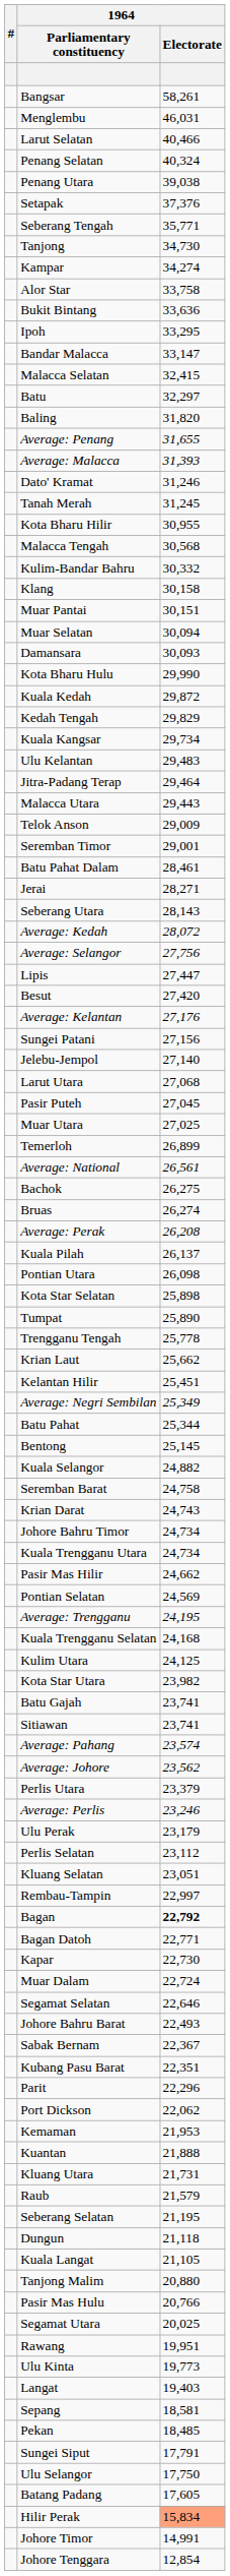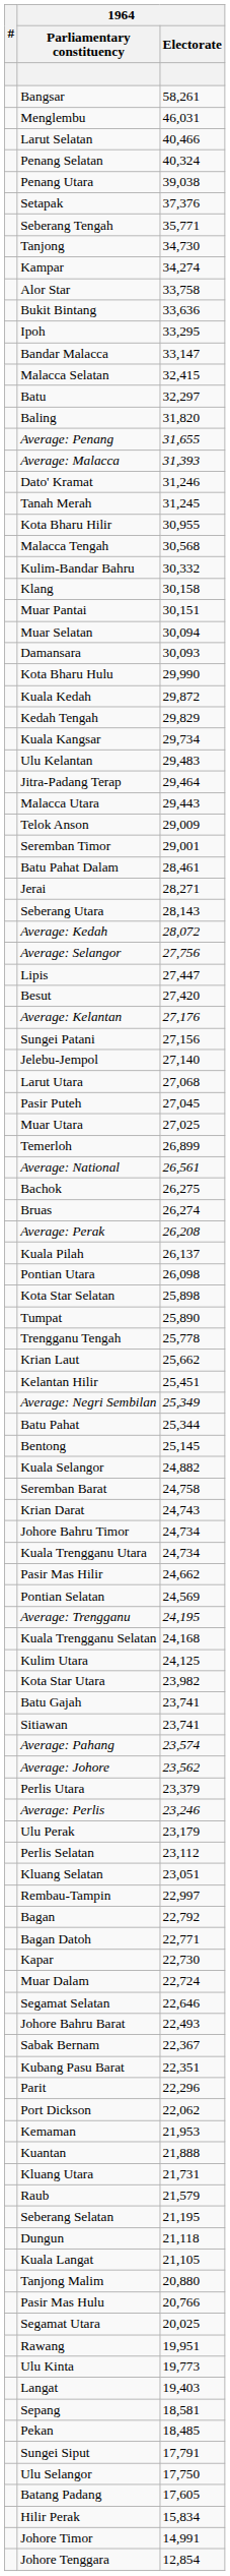 <table class="wikitable sortable">
 <tr>
 <th rowspan=2>#</th>
 <th colspan=2>1964</th>
 </tr>
 <tr>
 <th>Parliamentary<br>constituency</th>
 <th>Electorate</th>
 </tr>
 <tr>
 <th height=20px></th>
 <th></th>
 <th></th>
 </tr>
 <tr>
 <td></td>
 <td>Bangsar</td>
 <td>58,261</td>
 </tr>
 <tr>
 <td></td>
 <td>Menglembu</td>
 <td>46,031</td>
 </tr>
 <tr>
 <td></td>
 <td>Larut Selatan</td>
 <td>40,466</td>
 </tr>
 <tr>
 <td></td>
 <td>Penang Selatan</td>
 <td>40,324</td>
 </tr>
 <tr>
 <td></td>
 <td>Penang Utara</td>
 <td>39,038</td>
 </tr>
 <tr>
 <td></td>
 <td>Setapak</td>
 <td>37,376</td>
 </tr>
 <tr>
 <td></td>
 <td>Seberang Tengah</td>
 <td>35,771</td>
 </tr>
 <tr>
 <td></td>
 <td>Tanjong</td>
 <td>34,730</td>
 </tr>
 <tr>
 <td></td>
 <td>Kampar</td>
 <td>34,274</td>
 </tr>
 <tr>
 <td></td>
 <td>Alor Star</td>
 <td>33,758</td>
 </tr>
 <tr>
 <td></td>
 <td>Bukit Bintang</td>
 <td>33,636</td>
 </tr>
 <tr>
 <td></td>
 <td>Ipoh</td>
 <td>33,295</td>
 </tr>
 <tr>
 <td></td>
 <td>Bandar Malacca</td>
 <td>33,147</td>
 </tr>
 <tr>
 <td></td>
 <td>Malacca Selatan</td>
 <td>32,415</td>
 </tr>
 <tr>
 <td></td>
 <td>Batu</td>
 <td>32,297</td>
 </tr>
 <tr>
 <td></td>
 <td>Baling</td>
 <td>31,820</td>
 </tr>
 <tr>
 <td></td>
 <td><em>Average: Penang</em></td>
 <td><em>31,655</em></td>
 </tr>
 <tr>
 <td></td>
 <td><em>Average: Malacca</em></td>
 <td><em>31,393</em></td>
 </tr>
 <tr>
 <td></td>
 <td>Dato' Kramat</td>
 <td>31,246</td>
 </tr>
 <tr>
 <td></td>
 <td>Tanah Merah</td>
 <td>31,245</td>
 </tr>
 <tr>
 <td></td>
 <td>Kota Bharu Hilir</td>
 <td>30,955</td>
 </tr>
 <tr>
 <td></td>
 <td>Malacca Tengah</td>
 <td>30,568</td>
 </tr>
 <tr>
 <td></td>
 <td>Kulim-Bandar Bahru</td>
 <td>30,332</td>
 </tr>
 <tr>
 <td></td>
 <td>Klang</td>
 <td>30,158</td>
 </tr>
 <tr>
 <td></td>
 <td>Muar Pantai</td>
 <td>30,151</td>
 </tr>
 <tr>
 <td></td>
 <td>Muar Selatan</td>
 <td>30,094</td>
 </tr>
 <tr>
 <td></td>
 <td>Damansara</td>
 <td>30,093</td>
 </tr>
 <tr>
 <td></td>
 <td>Kota Bharu Hulu</td>
 <td>29,990</td>
 </tr>
 <tr>
 <td></td>
 <td>Kuala Kedah</td>
 <td>29,872</td>
 </tr>
 <tr>
 <td></td>
 <td>Kedah Tengah</td>
 <td>29,829</td>
 </tr>
 <tr>
 <td></td>
 <td>Kuala Kangsar</td>
 <td>29,734</td>
 </tr>
 <tr>
 <td></td>
 <td>Ulu Kelantan</td>
 <td>29,483</td>
 </tr>
 <tr>
 <td></td>
 <td>Jitra-Padang Terap</td>
 <td>29,464</td>
 </tr>
 <tr>
 <td></td>
 <td>Malacca Utara</td>
 <td>29,443</td>
 </tr>
 <tr>
 <td></td>
 <td>Telok Anson</td>
 <td>29,009</td>
 </tr>
 <tr>
 <td></td>
 <td>Seremban Timor</td>
 <td>29,001</td>
 </tr>
 <tr>
 <td></td>
 <td>Batu Pahat Dalam</td>
 <td>28,461</td>
 </tr>
 <tr>
 <td></td>
 <td>Jerai</td>
 <td>28,271</td>
 </tr>
 <tr>
 <td></td>
 <td>Seberang Utara</td>
 <td>28,143</td>
 </tr>
 <tr>
 <td></td>
 <td><em>Average: Kedah</em></td>
 <td><em>28,072</em></td>
 </tr>
 <tr>
 <td></td>
 <td><em>Average: Selangor</em></td>
 <td><em>27,756</em></td>
 </tr>
 <tr>
 <td></td>
 <td>Lipis</td>
 <td>27,447</td>
 </tr>
 <tr>
 <td></td>
 <td>Besut</td>
 <td>27,420</td>
 </tr>
 <tr>
 <td></td>
 <td><em>Average: Kelantan</em></td>
 <td><em>27,176</em></td>
 </tr>
 <tr>
 <td></td>
 <td>Sungei Patani</td>
 <td>27,156</td>
 </tr>
 <tr>
 <td></td>
 <td>Jelebu-Jempol</td>
 <td>27,140</td>
 </tr>
 <tr>
 <td></td>
 <td>Larut Utara</td>
 <td>27,068</td>
 </tr>
 <tr>
 <td></td>
 <td>Pasir Puteh</td>
 <td>27,045</td>
 </tr>
 <tr>
 <td></td>
 <td>Muar Utara</td>
 <td>27,025</td>
 </tr>
 <tr>
 <td></td>
 <td>Temerloh</td>
 <td>26,899</td>
 </tr>
 <tr>
 <td></td>
 <td><em>Average: National</em></td>
 <td><em>26,561</em></td>
 </tr>
 <tr>
 <td></td>
 <td>Bachok</td>
 <td>26,275</td>
 </tr>
 <tr>
 <td></td>
 <td>Bruas</td>
 <td>26,274</td>
 </tr>
 <tr>
 <td></td>
 <td><em>Average: Perak</em></td>
 <td><em>26,208</em></td>
 </tr>
 <tr>
 <td></td>
 <td>Kuala Pilah</td>
 <td>26,137</td>
 </tr>
 <tr>
 <td></td>
 <td>Pontian Utara</td>
 <td>26,098</td>
 </tr>
 <tr>
 <td></td>
 <td>Kota Star Selatan</td>
 <td>25,898</td>
 </tr>
 <tr>
 <td></td>
 <td>Tumpat</td>
 <td>25,890</td>
 </tr>
 <tr>
 <td></td>
 <td>Trengganu Tengah</td>
 <td>25,778</td>
 </tr>
 <tr>
 <td></td>
 <td>Krian Laut</td>
 <td>25,662</td>
 </tr>
 <tr>
 <td></td>
 <td>Kelantan Hilir</td>
 <td>25,451</td>
 </tr>
 <tr>
 <td></td>
 <td><em>Average: Negri Sembilan</em></td>
 <td><em>25,349</em></td>
 </tr>
 <tr>
 <td></td>
 <td>Batu Pahat</td>
 <td>25,344</td>
 </tr>
 <tr>
 <td></td>
 <td>Bentong</td>
 <td>25,145</td>
 </tr>
 <tr>
 <td></td>
 <td>Kuala Selangor</td>
 <td>24,882</td>
 </tr>
 <tr>
 <td></td>
 <td>Seremban Barat</td>
 <td>24,758</td>
 </tr>
 <tr>
 <td></td>
 <td>Krian Darat</td>
 <td>24,743</td>
 </tr>
 <tr>
 <td></td>
 <td>Johore Bahru Timor</td>
 <td>24,734</td>
 </tr>
 <tr>
 <td></td>
 <td>Kuala Trengganu Utara</td>
 <td>24,734</td>
 </tr>
 <tr>
 <td></td>
 <td>Pasir Mas Hilir</td>
 <td>24,662</td>
 </tr>
 <tr>
 <td></td>
 <td>Pontian Selatan</td>
 <td>24,569</td>
 </tr>
 <tr>
 <td></td>
 <td><em>Average: Trengganu</em></td>
 <td><em>24,195</em></td>
 </tr>
 <tr>
 <td></td>
 <td>Kuala Trengganu Selatan</td>
 <td>24,168</td>
 </tr>
 <tr>
 <td></td>
 <td>Kulim Utara</td>
 <td>24,125</td>
 </tr>
 <tr>
 <td></td>
 <td>Kota Star Utara</td>
 <td>23,982</td>
 </tr>
 <tr>
 <td></td>
 <td>Batu Gajah</td>
 <td>23,741</td>
 </tr>
 <tr>
 <td></td>
 <td>Sitiawan</td>
 <td>23,741</td>
 </tr>
 <tr>
 <td></td>
 <td><em>Average: Pahang</em></td>
 <td><em>23,574</em></td>
 </tr>
 <tr>
 <td></td>
 <td><em>Average: Johore</em></td>
 <td><em>23,562</em></td>
 </tr>
 <tr>
 <td></td>
 <td>Perlis Utara</td>
 <td>23,379</td>
 </tr>
 <tr>
 <td></td>
 <td><em>Average: Perlis</em></td>
 <td><em>23,246</em></td>
 </tr>
 <tr>
 <td></td>
 <td>Ulu Perak</td>
 <td>23,179</td>
 </tr>
 <tr>
 <td></td>
 <td>Perlis Selatan</td>
 <td>23,112</td>
 </tr>
 <tr>
 <td></td>
 <td>Kluang Selatan</td>
 <td>23,051</td>
 </tr>
 <tr>
 <td></td>
 <td>Rembau-Tampin</td>
 <td>22,997</td>
 </tr>
 <tr>
 <td></td>
 <td>Bagan</td>
-<td><strong>22,792</strong></td>
+<td>22,792</td>
 </tr>
 <tr>
 <td></td>
 <td>Bagan Datoh</td>
 <td>22,771</td>
 </tr>
 <tr>
 <td></td>
 <td>Kapar</td>
 <td>22,730</td>
 </tr>
 <tr>
 <td></td>
 <td>Muar Dalam</td>
 <td>22,724</td>
 </tr>
 <tr>
 <td></td>
 <td>Segamat Selatan</td>
 <td>22,646</td>
 </tr>
 <tr>
 <td></td>
 <td>Johore Bahru Barat</td>
 <td>22,493</td>
 </tr>
 <tr>
 <td></td>
 <td>Sabak Bernam</td>
 <td>22,367</td>
 </tr>
 <tr>
 <td></td>
 <td>Kubang Pasu Barat</td>
 <td>22,351</td>
 </tr>
 <tr>
 <td></td>
 <td>Parit</td>
 <td>22,296</td>
 </tr>
 <tr>
 <td></td>
 <td>Port Dickson</td>
 <td>22,062</td>
 </tr>
 <tr>
 <td></td>
 <td>Kemaman</td>
 <td>21,953</td>
 </tr>
 <tr>
 <td></td>
 <td>Kuantan</td>
 <td>21,888</td>
 </tr>
 <tr>
 <td></td>
 <td>Kluang Utara</td>
 <td>21,731</td>
 </tr>
 <tr>
 <td></td>
 <td>Raub</td>
 <td>21,579</td>
 </tr>
 <tr>
 <td></td>
 <td>Seberang Selatan</td>
 <td>21,195</td>
 </tr>
 <tr>
 <td></td>
 <td>Dungun</td>
 <td>21,118</td>
 </tr>
 <tr>
 <td></td>
 <td>Kuala Langat</td>
 <td>21,105</td>
 </tr>
 <tr>
 <td></td>
 <td>Tanjong Malim</td>
 <td>20,880</td>
 </tr>
 <tr>
 <td></td>
 <td>Pasir Mas Hulu</td>
 <td>20,766</td>
 </tr>
 <tr>
 <td></td>
 <td>Segamat Utara</td>
 <td>20,025</td>
 </tr>
 <tr>
 <td></td>
 <td>Rawang</td>
 <td>19,951</td>
 </tr>
 <tr>
 <td></td>
 <td>Ulu Kinta</td>
 <td>19,773</td>
 </tr>
 <tr>
 <td></td>
 <td>Langat</td>
 <td>19,403</td>
 </tr>
 <tr>
 <td></td>
 <td>Sepang</td>
 <td>18,581</td>
 </tr>
 <tr>
 <td></td>
 <td>Pekan</td>
 <td>18,485</td>
 </tr>
 <tr>
 <td></td>
 <td>Sungei Siput</td>
 <td>17,791</td>
 </tr>
 <tr>
 <td></td>
 <td>Ulu Selangor</td>
 <td>17,750</td>
 </tr>
 <tr>
 <td></td>
 <td>Batang Padang</td>
 <td>17,605</td>
 </tr>
 <tr>
 <td></td>
 <td>Hilir Perak</td>
-<td style="background: lightsalmon;">15,834</td>
+<td>15,834</td>
 </tr>
 <tr>
 <td></td>
 <td>Johore Timor</td>
 <td>14,991</td>
 </tr>
 <tr>
 <td></td>
 <td>Johore Tenggara</td>
 <td>12,854</td>
 </tr>
 </table>
